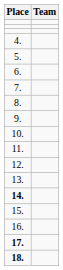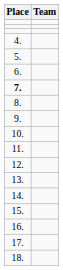 <table class="wikitable">
 <tr>
 <th>Place</th>
 <th>Team</th>
 </tr>
 <tr>
 <td align="center"></td>
 <td></td>
 </tr>
 <tr>
 <td align="center"></td>
 <td></td>
 </tr>
 <tr>
 <td align="center"></td>
 <td></td>
 </tr>
 <tr>
 <td align="center">4.</td>
 <td></td>
 </tr>
 <tr>
 <td align="center">5.</td>
 <td></td>
 </tr>
 <tr>
 <td align="center">6.</td>
 <td></td>
 </tr>
 <tr>
-<td align="center">7.</td>
+<td align="center"><strong>7.</strong></td>
 <td></td>
 </tr>
 <tr>
 <td align="center">8.</td>
 <td></td>
 </tr>
 <tr>
 <td align="center">9.</td>
 <td></td>
 </tr>
 <tr>
 <td align="center">10.</td>
 <td></td>
 </tr>
 <tr>
 <td align="center">11.</td>
 <td></td>
 </tr>
 <tr>
 <td align="center">12.</td>
 <td></td>
 </tr>
 <tr>
 <td align="center">13.</td>
 <td></td>
 </tr>
 <tr>
-<td align="center"><strong>14.</strong></td>
+<td align="center">14.</td>
 <td></td>
 </tr>
 <tr>
 <td align="center">15.</td>
 <td></td>
 </tr>
 <tr>
 <td align="center">16.</td>
 <td></td>
 </tr>
 <tr>
-<td align="center"><strong>17.</strong></td>
+<td align="center">17.</td>
 <td></td>
 </tr>
 <tr>
-<td align="center"><strong>18.</strong></td>
+<td align="center">18.</td>
 <td></td>
 </tr>
 </table>
